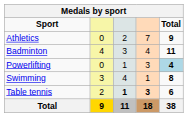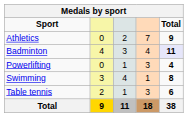 <table class="wikitable" style="font-size:85%; text-align:center;">
 <tr style="background:#efefef;">
 <th colspan=5><strong>Medals by sport</strong></th>
 </tr>
 <tr>
 <td width=130><strong>Sport</strong></td>
 <td width=30 style="background:#f7f6a8;"></td>
 <td width=30 style="background:#dce5e5;"></td>
 <td width=30 style="background:#ffdab9;"></td>
 <td width=30><strong>Total</strong></td>
 </tr>
 <tr>
 <td align=left> <a href='#'>Athletics</a></td>
 <td style="background:#F7F6A8;">0</td>
 <td style="background:#DCE5E5;">2</td>
 <td style="background:#FFDAB9;">7</td>
 <td><strong>9</strong></td>
 </tr>
 <tr>
 <td align=left> <a href='#'>Badminton</a></td>
 <td style="background:#F7F6A8;">4</td>
 <td style="background:#DCE5E5;">3</td>
 <td style="background:#FFDAB9;">4</td>
-<td><strong>11</strong></td>
+<td style="background: lavender;"><strong>11</strong></td>
 </tr>
 <tr>
 <td align=left> <a href='#'>Powerlifting</a></td>
 <td style="background:#F7F6A8;">0</td>
 <td style="background:#DCE5E5;">1</td>
 <td style="background:#FFDAB9;">3</td>
-<td style="background: lightblue;"><strong>4</strong></td>
+<td><strong>4</strong></td>
 </tr>
 <tr>
 <td align=left> <a href='#'>Swimming</a></td>
 <td style="background:#F7F6A8;">3</td>
 <td style="background:#DCE5E5;">4</td>
 <td style="background:#FFDAB9;">1</td>
 <td><strong>8</strong></td>
 </tr>
 <tr>
 <td align=left> <a href='#'>Table tennis</a></td>
 <td style="background:#F7F6A8;">2</td>
-<td style="background:#DCE5E5;"><strong>1</strong></td>
-<td style="background:#FFDAB9;"><strong>3</strong></td>
+<td style="background:#DCE5E5;">1</td>
+<td style="background:#FFDAB9;">3</td>
 <td><strong>6</strong></td>
 </tr>
 <tr>
 <th><strong>Total</strong></th>
 <th style="background:gold;">9</th>
 <th style="background:silver;">11</th>
 <th style="background:#c96;">18</th>
 <th><strong>38</strong></th>
 </tr>
 </table>
